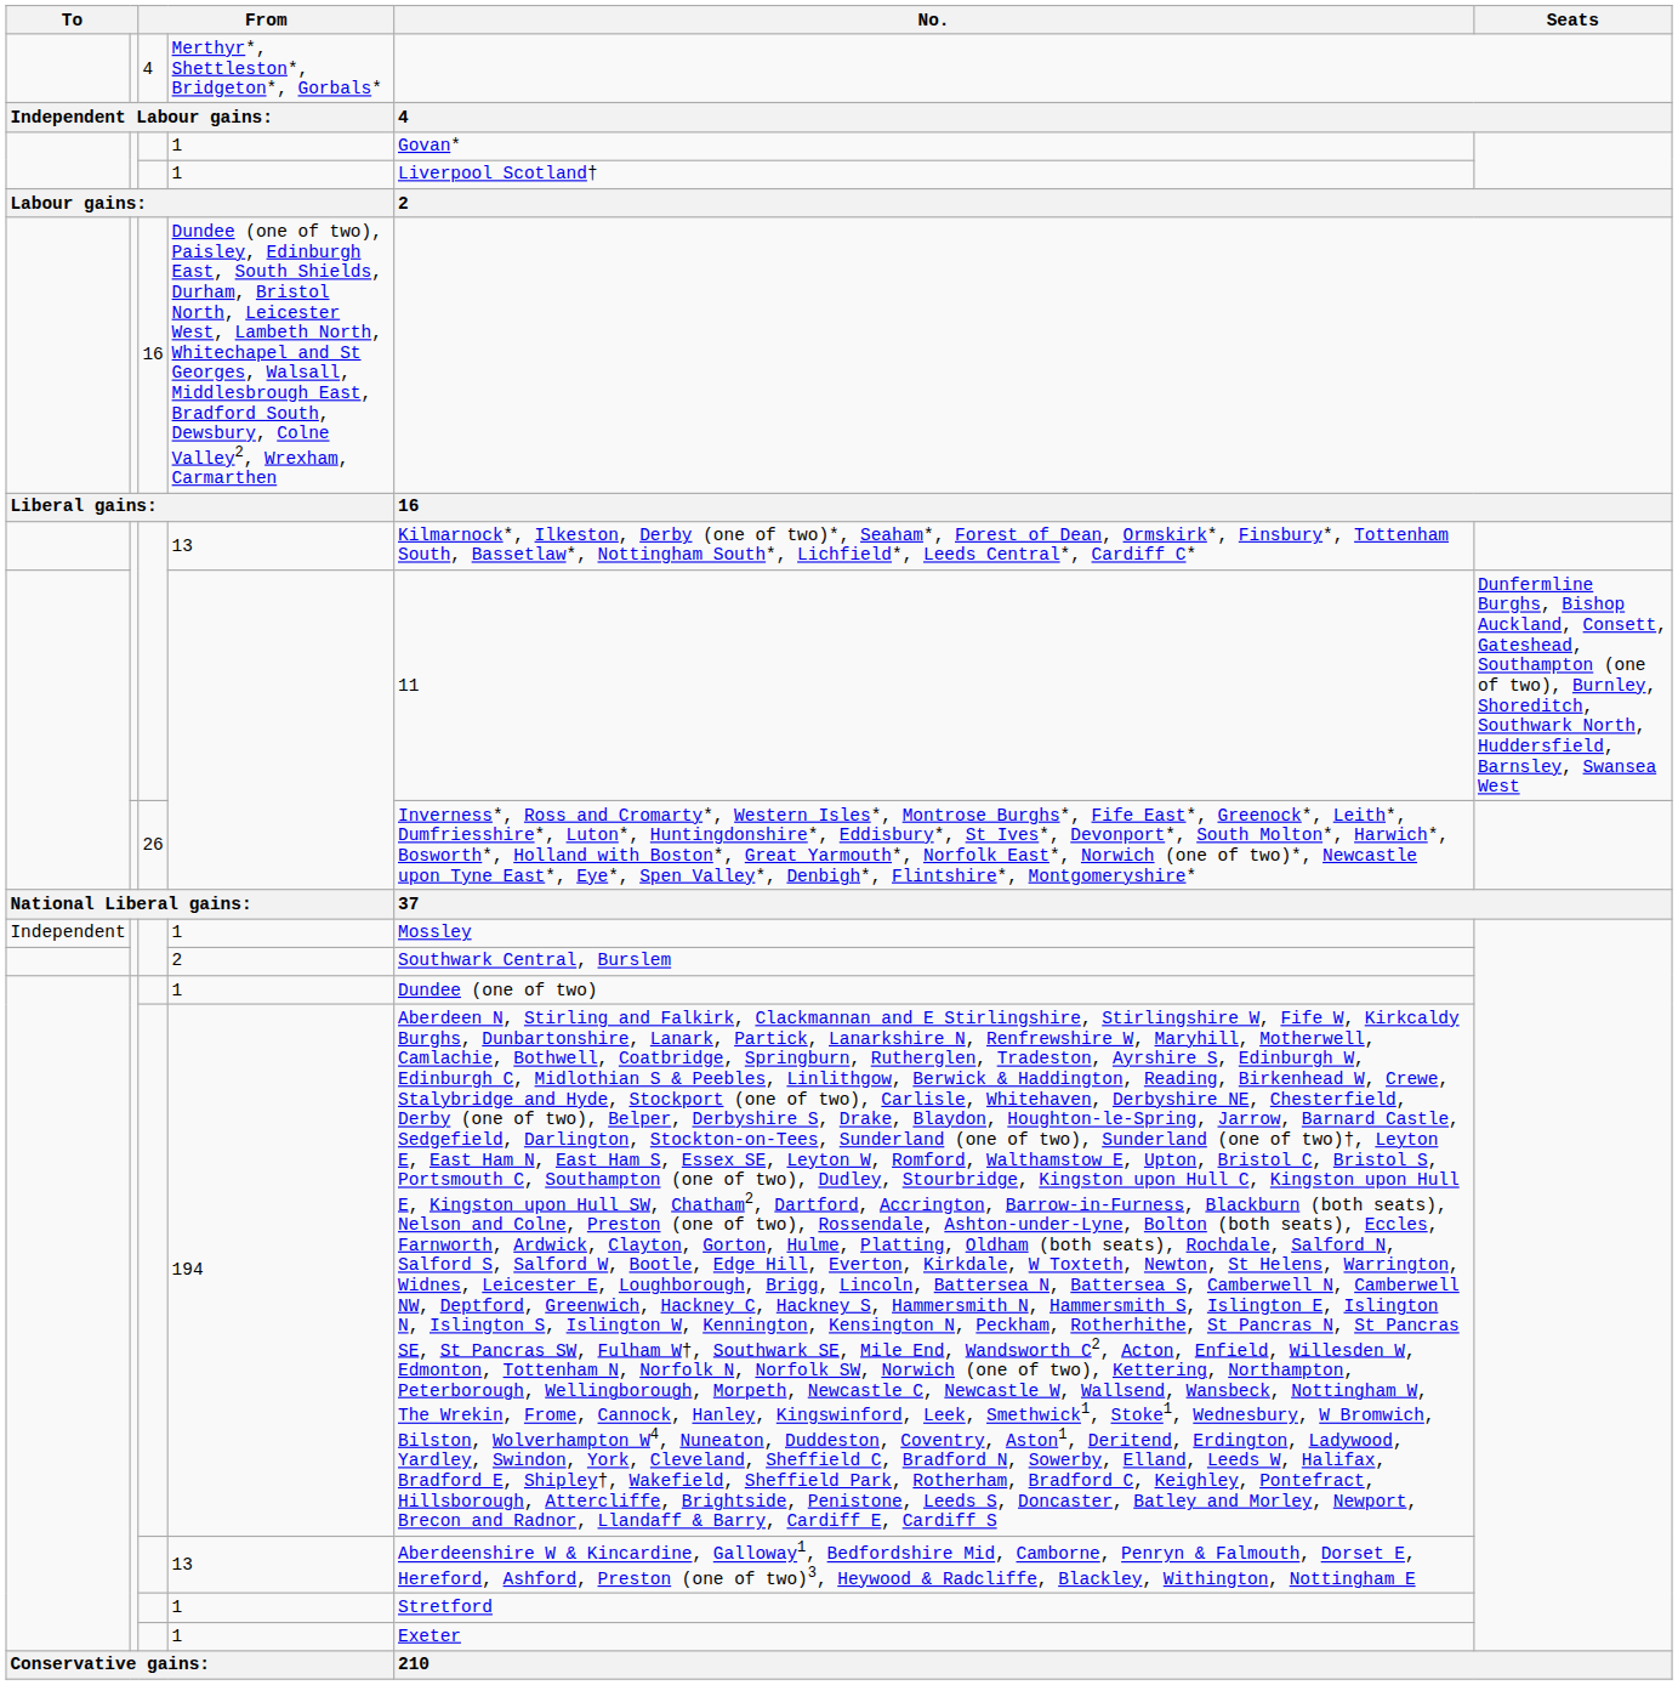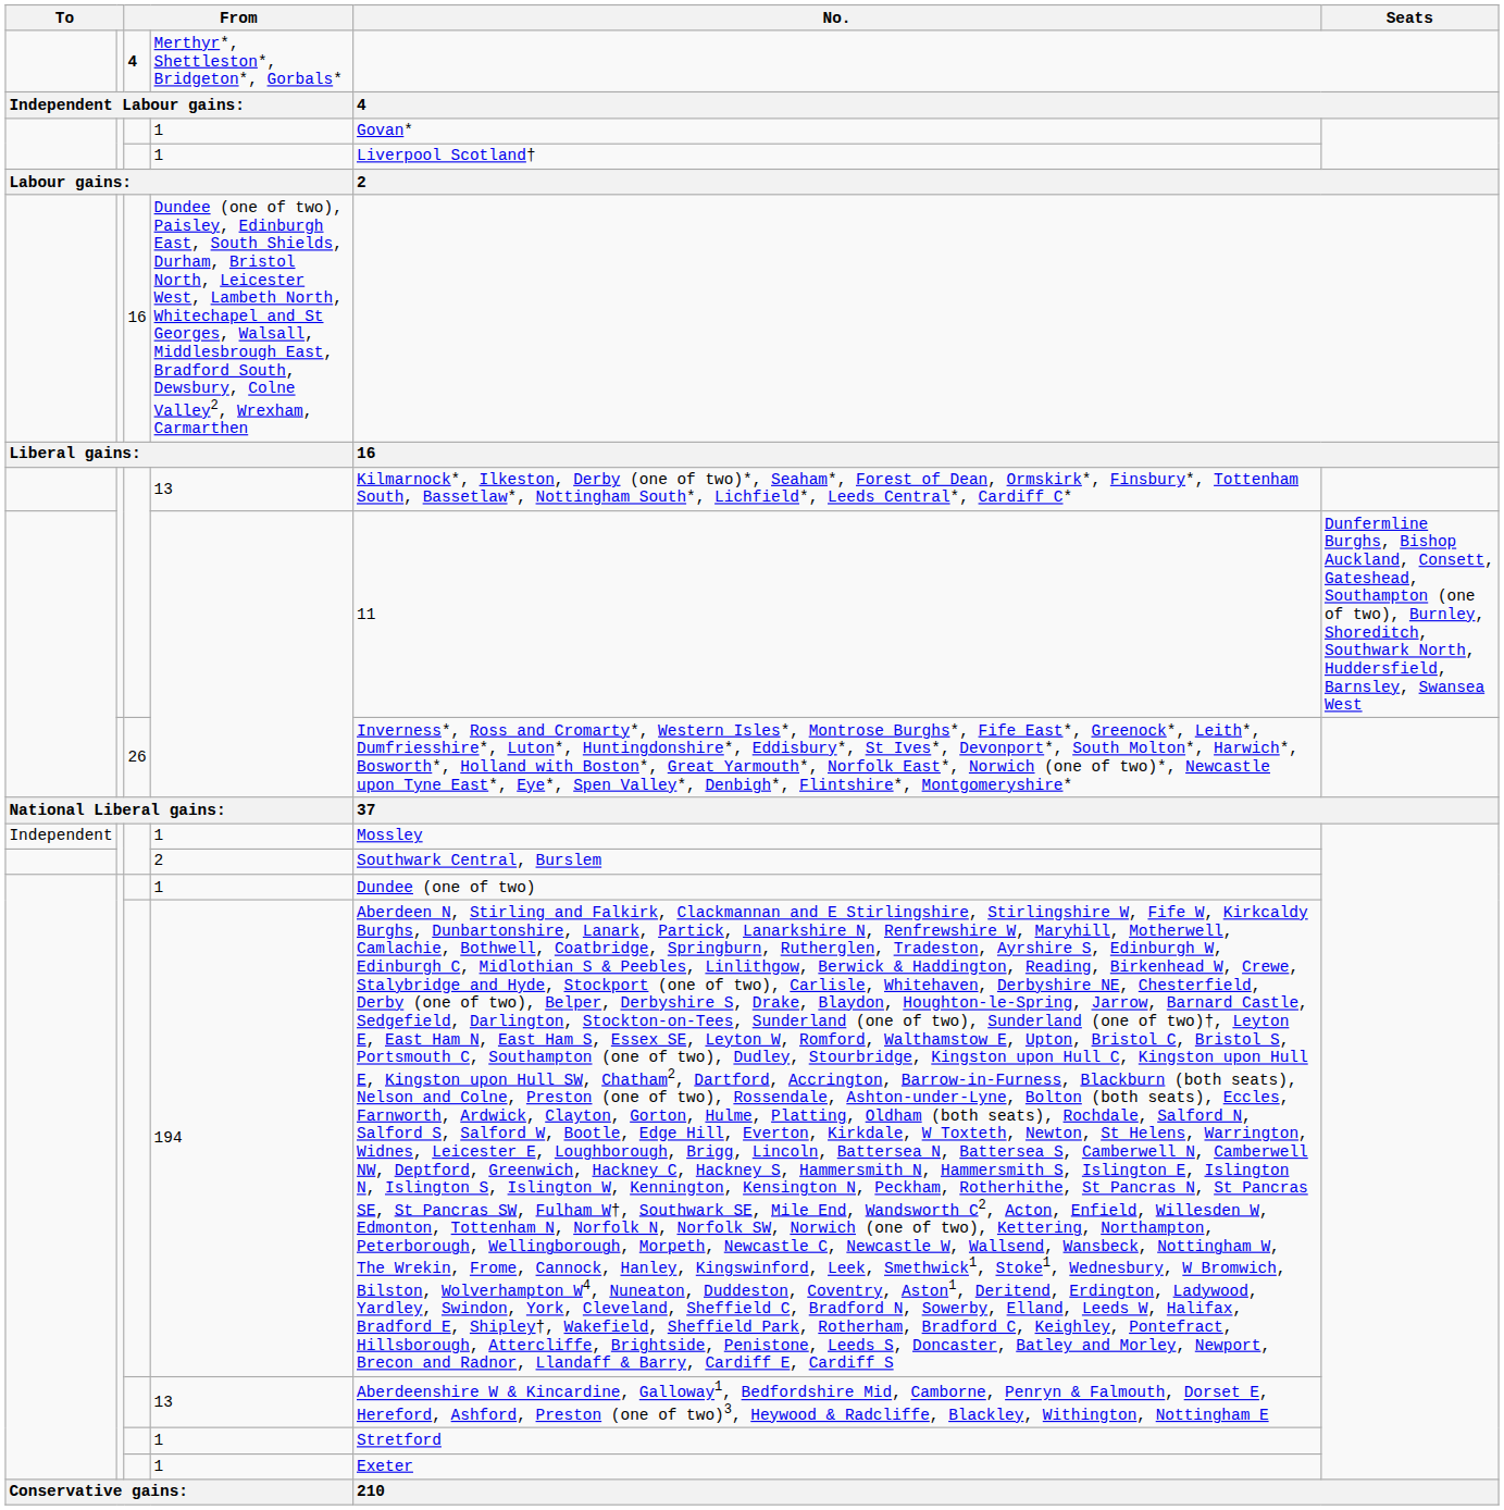 <table class="wikitable sortable" style="margin:1em">
 <tr>
 <th colspan=2>To</th>
 <th colspan=2>From</th>
 <th>No.</th>
 <th class=unsortable>Seats</th>
 </tr>
 <tr>
 <td></td>
 <td></td>
-<td>4</td>
+<td><strong>4</strong></td>
 <td><a href='#'>Merthyr</a>*, <a href='#'>Shettleston</a>*, <a href='#'>Bridgeton</a>*, <a href='#'>Gorbals</a>*</td>
 </tr>
 <tr class="sortbottom">
 <th style="text-align:left" colspan="4">Independent Labour gains:</th>
 <th style="text-align:left" colspan="2">4</th>
 </tr>
 <tr>
 <td rowspan="2" style="color:inherit;background:"></td>
 <td rowspan="2"></td>
 <td></td>
 <td>1</td>
 <td><a href='#'>Govan</a>*</td>
 </tr>
 <tr>
 <td></td>
 <td>1</td>
 <td><a href='#'>Liverpool Scotland</a>†</td>
 </tr>
 <tr class="sortbottom">
 <th style="text-align:left" colspan="4">Labour gains:</th>
 <th style="text-align:left" colspan="2">2</th>
 </tr>
 <tr>
 <td></td>
 <td></td>
 <td>16</td>
 <td><a href='#'>Dundee</a> (one of two), <a href='#'>Paisley</a>, <a href='#'>Edinburgh East</a>, <a href='#'>South Shields</a>, <a href='#'>Durham</a>, <a href='#'>Bristol North</a>, <a href='#'>Leicester West</a>, <a href='#'>Lambeth North</a>, <a href='#'>Whitechapel and St Georges</a>, <a href='#'>Walsall</a>, <a href='#'>Middlesbrough East</a>, <a href='#'>Bradford South</a>, <a href='#'>Dewsbury</a>, <a href='#'>Colne Valley</a><sup>2</sup>, <a href='#'>Wrexham</a>, <a href='#'>Carmarthen</a></td>
 </tr>
 <tr class="sortbottom">
 <th style="text-align:left" colspan="4">Liberal gains:</th>
 <th style="text-align:left" colspan="2">16</th>
 </tr>
 <tr>
 <td> </td>
 <td rowspan=2 style="color:inherit;background:"></td>
 <td rowspan=2></td>
 <td>13</td>
 <td><a href='#'>Kilmarnock</a>*, <a href='#'>Ilkeston</a>, <a href='#'>Derby</a> (one of two)*, <a href='#'>Seaham</a>*, <a href='#'>Forest of Dean</a>, <a href='#'>Ormskirk</a>*, <a href='#'>Finsbury</a>*, <a href='#'>Tottenham South</a>, <a href='#'>Bassetlaw</a>*, <a href='#'>Nottingham South</a>*, <a href='#'>Lichfield</a>*, <a href='#'>Leeds Central</a>*, <a href='#'>Cardiff C</a>*</td>
 </tr>
 <tr>
 <td rowspan="2"></td>
 <td rowspan="2"></td>
 <td>11</td>
 <td><a href='#'>Dunfermline Burghs</a>, <a href='#'>Bishop Auckland</a>, <a href='#'>Consett</a>, <a href='#'>Gateshead</a>, <a href='#'>Southampton</a> (one of two), <a href='#'>Burnley</a>, <a href='#'>Shoreditch</a>, <a href='#'>Southwark North</a>, <a href='#'>Huddersfield</a>, <a href='#'>Barnsley</a>, <a href='#'>Swansea West</a></td>
 </tr>
 <tr>
 <td></td>
 <td>26</td>
 <td><a href='#'>Inverness</a>*, <a href='#'>Ross and Cromarty</a>*, <a href='#'>Western Isles</a>*, <a href='#'>Montrose Burghs</a>*, <a href='#'>Fife East</a>*, <a href='#'>Greenock</a>*, <a href='#'>Leith</a>*, <a href='#'>Dumfriesshire</a>*, <a href='#'>Luton</a>*, <a href='#'>Huntingdonshire</a>*, <a href='#'>Eddisbury</a>*, <a href='#'>St Ives</a>*, <a href='#'>Devonport</a>*, <a href='#'>South Molton</a>*, <a href='#'>Harwich</a>*, <a href='#'>Bosworth</a>*, <a href='#'>Holland with Boston</a>*, <a href='#'>Great Yarmouth</a>*, <a href='#'>Norfolk East</a>*, <a href='#'>Norwich</a> (one of two)*, <a href='#'>Newcastle upon Tyne East</a>*, <a href='#'>Eye</a>*, <a href='#'>Spen Valley</a>*, <a href='#'>Denbigh</a>*, <a href='#'>Flintshire</a>*, <a href='#'>Montgomeryshire</a>*</td>
 </tr>
 <tr class="sortbottom">
 <th style="text-align:left" colspan="4">National Liberal gains:</th>
 <th style="text-align:left" colspan="4">37</th>
 </tr>
 <tr>
 <td> Independent</td>
 <td rowspan=2 style="color:inherit;background:"></td>
 <td rowspan=2></td>
 <td>1</td>
 <td><a href='#'>Mossley</a></td>
 </tr>
 <tr>
 <td></td>
 <td>2</td>
 <td><a href='#'>Southwark Central</a>, <a href='#'>Burslem</a></td>
 </tr>
 <tr>
 <td rowspan="5"></td>
 <td rowspan="5"></td>
 <td></td>
 <td>1</td>
 <td><a href='#'>Dundee</a> (one of two)</td>
 </tr>
 <tr>
 <td></td>
 <td>194</td>
 <td><a href='#'>Aberdeen N</a>, <a href='#'>Stirling and Falkirk</a>, <a href='#'>Clackmannan and E Stirlingshire</a>, <a href='#'>Stirlingshire W</a>, <a href='#'>Fife W</a>, <a href='#'>Kirkcaldy Burghs</a>, <a href='#'>Dunbartonshire</a>, <a href='#'>Lanark</a>, <a href='#'>Partick</a>, <a href='#'>Lanarkshire N</a>, <a href='#'>Renfrewshire W</a>, <a href='#'>Maryhill</a>, <a href='#'>Motherwell</a>, <a href='#'>Camlachie</a>, <a href='#'>Bothwell</a>, <a href='#'>Coatbridge</a>, <a href='#'>Springburn</a>, <a href='#'>Rutherglen</a>, <a href='#'>Tradeston</a>, <a href='#'>Ayrshire S</a>, <a href='#'>Edinburgh W</a>, <a href='#'>Edinburgh C</a>, <a href='#'>Midlothian S & Peebles</a>, <a href='#'>Linlithgow</a>, <a href='#'>Berwick & Haddington</a>, <a href='#'>Reading</a>, <a href='#'>Birkenhead W</a>, <a href='#'>Crewe</a>, <a href='#'>Stalybridge and Hyde</a>, <a href='#'>Stockport</a> (one of two), <a href='#'>Carlisle</a>, <a href='#'>Whitehaven</a>, <a href='#'>Derbyshire NE</a>, <a href='#'>Chesterfield</a>, <a href='#'>Derby</a> (one of two), <a href='#'>Belper</a>, <a href='#'>Derbyshire S</a>, <a href='#'>Drake</a>, <a href='#'>Blaydon</a>, <a href='#'>Houghton-le-Spring</a>, <a href='#'>Jarrow</a>, <a href='#'>Barnard Castle</a>, <a href='#'>Sedgefield</a>, <a href='#'>Darlington</a>, <a href='#'>Stockton-on-Tees</a>, <a href='#'>Sunderland</a> (one of two), <a href='#'>Sunderland</a> (one of two)†, <a href='#'>Leyton E</a>, <a href='#'>East Ham N</a>, <a href='#'>East Ham S</a>, <a href='#'>Essex SE</a>, <a href='#'>Leyton W</a>, <a href='#'>Romford</a>, <a href='#'>Walthamstow E</a>, <a href='#'>Upton</a>, <a href='#'>Bristol C</a>, <a href='#'>Bristol S</a>, <a href='#'>Portsmouth C</a>, <a href='#'>Southampton</a> (one of two), <a href='#'>Dudley</a>, <a href='#'>Stourbridge</a>, <a href='#'>Kingston upon Hull C</a>, <a href='#'>Kingston upon Hull E</a>, <a href='#'>Kingston upon Hull SW</a>, <a href='#'>Chatham</a><sup>2</sup>, <a href='#'>Dartford</a>, <a href='#'>Accrington</a>, <a href='#'>Barrow-in-Furness</a>, <a href='#'>Blackburn</a> (both seats), <a href='#'>Nelson and Colne</a>, <a href='#'>Preston</a> (one of two), <a href='#'>Rossendale</a>, <a href='#'>Ashton-under-Lyne</a>, <a href='#'>Bolton</a> (both seats), <a href='#'>Eccles</a>, <a href='#'>Farnworth</a>, <a href='#'>Ardwick</a>, <a href='#'>Clayton</a>, <a href='#'>Gorton</a>, <a href='#'>Hulme</a>, <a href='#'>Platting</a>, <a href='#'>Oldham</a> (both seats), <a href='#'>Rochdale</a>, <a href='#'>Salford N</a>, <a href='#'>Salford S</a>, <a href='#'>Salford W</a>, <a href='#'>Bootle</a>, <a href='#'>Edge Hill</a>, <a href='#'>Everton</a>, <a href='#'>Kirkdale</a>, <a href='#'>W Toxteth</a>, <a href='#'>Newton</a>, <a href='#'>St Helens</a>, <a href='#'>Warrington</a>, <a href='#'>Widnes</a>, <a href='#'>Leicester E</a>, <a href='#'>Loughborough</a>, <a href='#'>Brigg</a>, <a href='#'>Lincoln</a>, <a href='#'>Battersea N</a>, <a href='#'>Battersea S</a>, <a href='#'>Camberwell N</a>, <a href='#'>Camberwell NW</a>, <a href='#'>Deptford</a>, <a href='#'>Greenwich</a>, <a href='#'>Hackney C</a>, <a href='#'>Hackney S</a>, <a href='#'>Hammersmith N</a>, <a href='#'>Hammersmith S</a>, <a href='#'>Islington E</a>, <a href='#'>Islington N</a>, <a href='#'>Islington S</a>, <a href='#'>Islington W</a>, <a href='#'>Kennington</a>, <a href='#'>Kensington N</a>, <a href='#'>Peckham</a>, <a href='#'>Rotherhithe</a>, <a href='#'>St Pancras N</a>, <a href='#'>St Pancras SE</a>, <a href='#'>St Pancras SW</a>, <a href='#'>Fulham W</a>†, <a href='#'>Southwark SE</a>, <a href='#'>Mile End</a>, <a href='#'>Wandsworth C</a><sup>2</sup>, <a href='#'>Acton</a>, <a href='#'>Enfield</a>, <a href='#'>Willesden W</a>, <a href='#'>Edmonton</a>, <a href='#'>Tottenham N</a>, <a href='#'>Norfolk N</a>, <a href='#'>Norfolk SW</a>, <a href='#'>Norwich</a> (one of two), <a href='#'>Kettering</a>, <a href='#'>Northampton</a>, <a href='#'>Peterborough</a>, <a href='#'>Wellingborough</a>, <a href='#'>Morpeth</a>, <a href='#'>Newcastle C</a>, <a href='#'>Newcastle W</a>, <a href='#'>Wallsend</a>, <a href='#'>Wansbeck</a>, <a href='#'>Nottingham W</a>, <a href='#'>The Wrekin</a>, <a href='#'>Frome</a>, <a href='#'>Cannock</a>, <a href='#'>Hanley</a>, <a href='#'>Kingswinford</a>, <a href='#'>Leek</a>, <a href='#'>Smethwick</a><sup>1</sup>, <a href='#'>Stoke</a><sup>1</sup>, <a href='#'>Wednesbury</a>, <a href='#'>W Bromwich</a>, <a href='#'>Bilston</a>, <a href='#'>Wolverhampton W</a><sup>4</sup>, <a href='#'>Nuneaton</a>, <a href='#'>Duddeston</a>, <a href='#'>Coventry</a>, <a href='#'>Aston</a><sup>1</sup>, <a href='#'>Deritend</a>, <a href='#'>Erdington</a>, <a href='#'>Ladywood</a>, <a href='#'>Yardley</a>, <a href='#'>Swindon</a>, <a href='#'>York</a>, <a href='#'>Cleveland</a>, <a href='#'>Sheffield C</a>, <a href='#'>Bradford N</a>, <a href='#'>Sowerby</a>, <a href='#'>Elland</a>, <a href='#'>Leeds W</a>, <a href='#'>Halifax</a>, <a href='#'>Bradford E</a>, <a href='#'>Shipley</a>†, <a href='#'>Wakefield</a>, <a href='#'>Sheffield Park</a>, <a href='#'>Rotherham</a>, <a href='#'>Bradford C</a>, <a href='#'>Keighley</a>, <a href='#'>Pontefract</a>, <a href='#'>Hillsborough</a>, <a href='#'>Attercliffe</a>, <a href='#'>Brightside</a>, <a href='#'>Penistone</a>, <a href='#'>Leeds S</a>, <a href='#'>Doncaster</a>, <a href='#'>Batley and Morley</a>, <a href='#'>Newport</a>, <a href='#'>Brecon and Radnor</a>, <a href='#'>Llandaff & Barry</a>, <a href='#'>Cardiff E</a>, <a href='#'>Cardiff S</a></td>
 </tr>
 <tr>
 <td></td>
 <td>13</td>
 <td><a href='#'>Aberdeenshire W & Kincardine</a>, <a href='#'>Galloway</a><sup>1</sup>, <a href='#'>Bedfordshire Mid</a>, <a href='#'>Camborne</a>, <a href='#'>Penryn & Falmouth</a>, <a href='#'>Dorset E</a>, <a href='#'>Hereford</a>, <a href='#'>Ashford</a>, <a href='#'>Preston</a> (one of two)<sup>3</sup>, <a href='#'>Heywood & Radcliffe</a>, <a href='#'>Blackley</a>, <a href='#'>Withington</a>, <a href='#'>Nottingham E</a></td>
 </tr>
 <tr>
 <td></td>
 <td>1</td>
 <td><a href='#'>Stretford</a></td>
 </tr>
 <tr>
 <td></td>
 <td>1</td>
 <td><a href='#'>Exeter</a></td>
 </tr>
 <tr class="sortbottom">
 <th style="text-align:left" colspan="4">Conservative gains:</th>
 <th style="text-align:left" colspan="2">210</th>
 </tr>
 </table>
